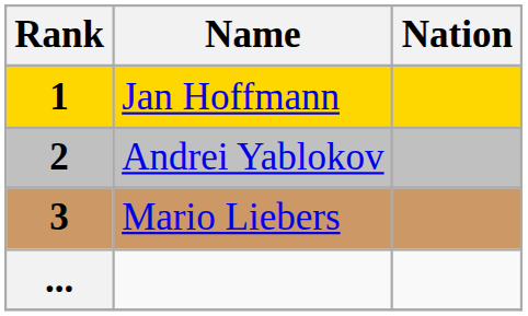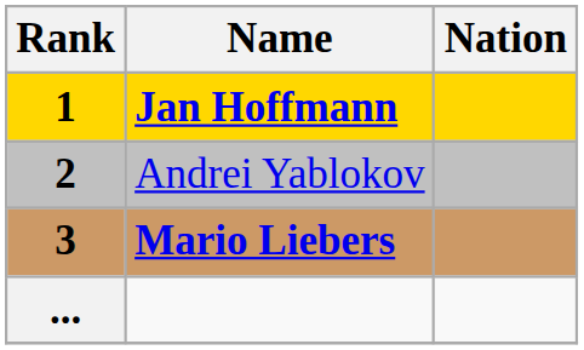 <table class="wikitable">
 <tr>
 <th>Rank</th>
 <th>Name</th>
 <th>Nation</th>
 </tr>
 <tr bgcolor="gold">
 <td align="center"><strong>1</strong></td>
-<td><a href='#'>Jan Hoffmann</a></td>
+<td><strong><a href='#'>Jan Hoffmann</a></strong></td>
 <td></td>
 </tr>
 <tr bgcolor="silver">
 <td align="center"><strong>2</strong></td>
 <td><a href='#'>Andrei Yablokov</a></td>
 <td></td>
 </tr>
 <tr bgcolor="cc9966">
 <td align="center"><strong>3</strong></td>
-<td><a href='#'>Mario Liebers</a></td>
+<td><strong><a href='#'>Mario Liebers</a></strong></td>
 <td></td>
 </tr>
 <tr>
 <th>...</th>
 <td></td>
 <td></td>
 </tr>
 <tr>
 </tr>
 </table>
